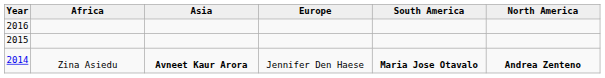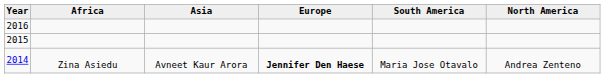 <table class="wikitable sortable" style="font-size: 95%; text-align:center;">
 <tr bgcolor="efefef" colspan=10 align="center">
 <td width="30"><span><strong>Year</strong></span></td>
 <td width="150"><span><strong>Africa</strong></span></td>
 <td width="150"><span><strong>Asia</strong></span></td>
 <td width="150"><span><strong>Europe</strong></span></td>
 <td width="150"><span><strong>South America</strong></span></td>
 <td width="150"><span><strong>North America</strong></span></td>
 </tr>
 <tr>
 <td>2016</td>
 <td style="text-align:center;"></td>
 <td style="text-align:center;"></td>
 <td style="text-align:center;"></td>
 <td></td>
 <td style="text-align:center;"></td>
 </tr>
 <tr>
 <td>2015</td>
 <td style="text-align:center;"></td>
 <td style="text-align:center;"></td>
 <td style="text-align:center;"></td>
 <td></td>
 <td></td>
 </tr>
 <tr>
 <td><a href='#'>2014</a></td>
 <td style="text-align:center;"> <br>Zina Asiedu</td>
-<td style="text-align:center;"><strong> <br>Avneet Kaur Arora</strong></td>
-<td style="text-align:center;"> <br>Jennifer Den Haese</td>
-<td style="text-align:center;"><strong> <br>Maria Jose Otavalo</strong></td>
-<td style="text-align:center;"><strong> <br>Andrea Zenteno</strong></td>
+<td style="text-align:center;"> <br>Avneet Kaur Arora</td>
+<td style="text-align:center;"><strong> <br>Jennifer Den Haese</strong></td>
+<td style="text-align:center;"> <br>Maria Jose Otavalo</td>
+<td style="text-align:center;"> <br>Andrea Zenteno</td>
 </tr>
 </table>
